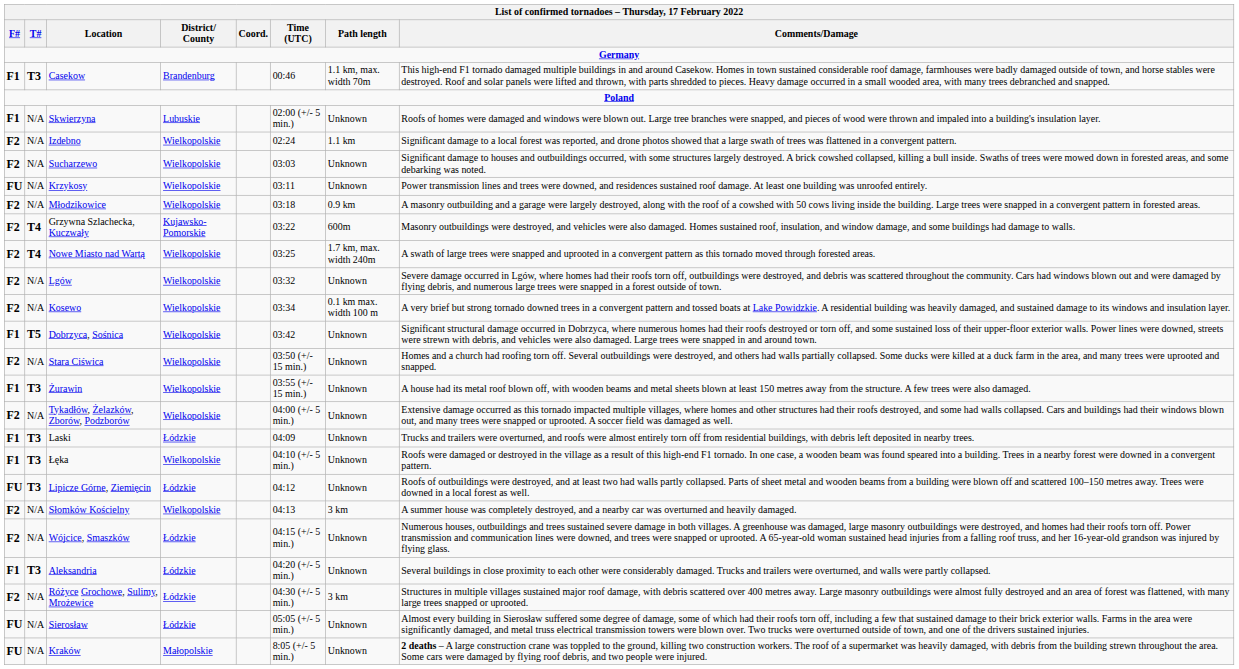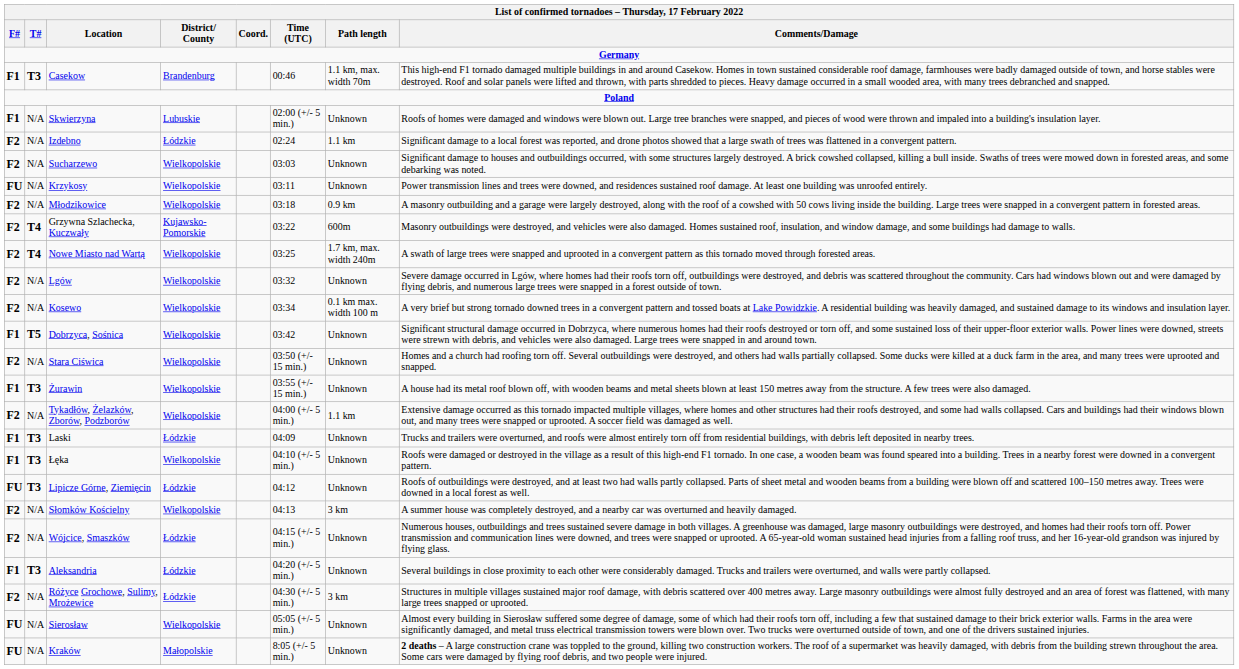 <table class="wikitable collapsible" width="100%">
 <tr>
 <th colspan="8">List of confirmed tornadoes – Thursday, 17 February 2022</th>
 </tr>
 <tr>
 <th><a href='#'>F#</a></th>
 <th><a href='#'>T#</a></th>
 <th>Location</th>
 <th>District/<br>County</th>
 <th>Coord.</th>
 <th>Time (UTC)</th>
 <th>Path length</th>
 <th>Comments/Damage</th>
 </tr>
 <tr>
 <td colspan="8" align=center><strong><a href='#'>Germany</a></strong></td>
 </tr>
 <tr>
 <td><big><strong>F1</strong></big></td>
 <td><big><strong>T3</strong></big></td>
 <td><a href='#'>Casekow</a></td>
 <td><a href='#'>Brandenburg</a></td>
 <td></td>
 <td>00:46</td>
 <td>1.1 km, max. width 70m</td>
 <td>This high-end F1 tornado damaged multiple buildings in and around Casekow. Homes in town sustained considerable roof damage, farmhouses were badly damaged outside of town, and horse stables were destroyed. Roof and solar panels were lifted and thrown, with parts shredded to pieces. Heavy damage occurred in a small wooded area, with many trees debranched and snapped.</td>
 </tr>
 <tr>
 <td colspan="8" align=center><strong><a href='#'>Poland</a></strong></td>
 </tr>
 <tr>
 <td><big><strong>F1</strong></big></td>
 <td>N/A</td>
 <td><a href='#'>Skwierzyna</a></td>
 <td><a href='#'>Lubuskie</a></td>
 <td></td>
 <td>02:00 (+/- 5 min.)</td>
 <td>Unknown</td>
 <td>Roofs of homes were damaged and windows were blown out. Large tree branches were snapped, and pieces of wood were thrown and impaled into a building's insulation layer.</td>
 </tr>
 <tr>
 <td><big><strong>F2</strong></big></td>
 <td>N/A</td>
 <td><a href='#'>Izdebno</a></td>
-<td><a href='#'>Wielkopolskie</a></td>
+<td><a href='#'>Łódzkie</a></td>
 <td></td>
 <td>02:24</td>
 <td>1.1 km</td>
 <td>Significant damage to a local forest was reported, and drone photos showed that a large swath of trees was flattened in a convergent pattern.</td>
 </tr>
 <tr>
 <td><big><strong>F2</strong></big></td>
 <td>N/A</td>
 <td><a href='#'>Sucharzewo</a></td>
 <td><a href='#'>Wielkopolskie</a></td>
 <td></td>
 <td>03:03</td>
 <td>Unknown</td>
 <td>Significant damage to houses and outbuildings occurred, with some structures largely destroyed. A brick cowshed collapsed, killing a bull inside. Swaths of trees were mowed down in forested areas, and some debarking was noted.</td>
 </tr>
 <tr>
 <td><big><strong>FU</strong></big></td>
 <td>N/A</td>
 <td><a href='#'>Krzykosy</a></td>
 <td><a href='#'>Wielkopolskie</a></td>
 <td></td>
 <td>03:11</td>
 <td>Unknown</td>
 <td>Power transmission lines and trees were downed, and residences sustained roof damage. At least one building was unroofed entirely.</td>
 </tr>
 <tr>
 <td><big><strong>F2</strong></big></td>
 <td>N/A</td>
 <td><a href='#'>Młodzikowice</a></td>
 <td><a href='#'>Wielkopolskie</a></td>
 <td></td>
 <td>03:18</td>
 <td>0.9 km</td>
 <td>A masonry outbuilding and a garage were largely destroyed, along with the roof of a cowshed with 50 cows living inside the building. Large trees were snapped in a convergent pattern in forested areas.</td>
 </tr>
 <tr>
 <td><big><strong>F2</strong></big></td>
 <td><big><strong>T4</strong></big></td>
 <td>Grzywna Szlachecka, <a href='#'>Kuczwały</a></td>
 <td><a href='#'>Kujawsko-Pomorskie</a></td>
 <td></td>
 <td>03:22</td>
 <td>600m</td>
 <td>Masonry outbuildings were destroyed, and vehicles were also damaged. Homes sustained roof, insulation, and window damage, and some buildings had damage to walls.</td>
 </tr>
 <tr>
 <td><big><strong>F2</strong></big></td>
 <td><big><strong>T4</strong></big></td>
 <td><a href='#'>Nowe Miasto nad Wartą</a></td>
 <td><a href='#'>Wielkopolskie</a></td>
 <td></td>
 <td>03:25</td>
 <td>1.7 km, max. width 240m</td>
 <td>A swath of large trees were snapped and uprooted in a convergent pattern as this tornado moved through forested areas.</td>
 </tr>
 <tr>
 <td><big><strong>F2</strong></big></td>
 <td>N/A</td>
 <td><a href='#'>Lgów</a></td>
 <td><a href='#'>Wielkopolskie</a></td>
 <td></td>
 <td>03:32</td>
 <td>Unknown</td>
 <td>Severe damage occurred in Lgów, where homes had their roofs torn off, outbuildings were destroyed, and debris was scattered throughout the community. Cars had windows blown out and were damaged by flying debris, and numerous large trees were snapped in a forest outside of town.</td>
 </tr>
 <tr>
 <td><big><strong>F2</strong></big></td>
 <td>N/A</td>
 <td><a href='#'>Kosewo</a></td>
 <td><a href='#'>Wielkopolskie</a></td>
 <td></td>
 <td>03:34</td>
 <td>0.1 km max. width 100 m</td>
 <td>A very brief but strong tornado downed trees in a convergent pattern and tossed boats at <a href='#'>Lake Powidzkie</a>. A residential building was heavily damaged, and sustained damage to its windows and insulation layer.</td>
 </tr>
 <tr>
 <td><big><strong>F1</strong></big></td>
 <td><big><strong>T5</strong></big></td>
 <td><a href='#'>Dobrzyca</a>, <a href='#'>Sośnica</a></td>
 <td><a href='#'>Wielkopolskie</a></td>
 <td></td>
 <td>03:42</td>
 <td>Unknown</td>
 <td>Significant structural damage occurred in Dobrzyca, where numerous homes had their roofs destroyed or torn off, and some sustained loss of their upper-floor exterior walls. Power lines were downed, streets were strewn with debris, and vehicles were also damaged. Large trees were snapped in and around town.</td>
 </tr>
 <tr>
 <td><big><strong>F2</strong></big></td>
 <td>N/A</td>
 <td><a href='#'>Stara Ciświca</a></td>
 <td><a href='#'>Wielkopolskie</a></td>
 <td></td>
 <td>03:50 (+/- 15 min.)</td>
 <td>Unknown</td>
 <td>Homes and a church had roofing torn off. Several outbuildings were destroyed, and others had walls partially collapsed. Some ducks were killed at a duck farm in the area, and many trees were uprooted and snapped.</td>
 </tr>
 <tr>
 <td><big><strong>F1</strong></big></td>
 <td><big><strong>T3</strong></big></td>
 <td><a href='#'>Żurawin</a></td>
 <td><a href='#'>Wielkopolskie</a></td>
 <td></td>
 <td>03:55 (+/- 15 min.)</td>
 <td>Unknown</td>
 <td>A house had its metal roof blown off, with wooden beams and metal sheets blown at least 150 metres away from the structure. A few trees were also damaged.</td>
 </tr>
 <tr>
 <td><big><strong>F2</strong></big></td>
 <td>N/A</td>
 <td><a href='#'>Tykadłów</a>, <a href='#'>Żelazków</a>, <a href='#'>Zborów</a>, <a href='#'>Podzborów</a></td>
 <td><a href='#'>Wielkopolskie</a></td>
 <td></td>
 <td>04:00 (+/- 5 min.)</td>
-<td>Unknown</td>
+<td>1.1 km</td>
 <td>Extensive damage occurred as this tornado impacted multiple villages, where homes and other structures had their roofs destroyed, and some had walls collapsed. Cars and buildings had their windows blown out, and many trees were snapped or uprooted. A soccer field was damaged as well.</td>
 </tr>
 <tr>
 <td><big><strong>F1</strong></big></td>
 <td><big><strong>T3</strong></big></td>
 <td>Laski</td>
 <td><a href='#'>Łódzkie</a></td>
 <td></td>
 <td>04:09</td>
 <td>Unknown</td>
 <td>Trucks and trailers were overturned, and roofs were almost entirely torn off from residential buildings, with debris left deposited in nearby trees.</td>
 </tr>
 <tr>
 <td><big><strong>F1</strong></big></td>
 <td><big><strong>T3</strong></big></td>
 <td>Łęka</td>
 <td><a href='#'>Wielkopolskie</a></td>
 <td></td>
 <td>04:10 (+/- 5 min.)</td>
 <td>Unknown</td>
 <td>Roofs were damaged or destroyed in the village as a result of this high-end F1 tornado. In one case, a wooden beam was found speared into a building. Trees in a nearby forest were downed in a convergent pattern.</td>
 </tr>
 <tr>
 <td><big><strong>FU</strong></big></td>
 <td><big><strong>T3</strong></big></td>
 <td><a href='#'>Lipicze Górne</a>, <a href='#'>Ziemięcin</a></td>
 <td><a href='#'>Łódzkie</a></td>
 <td></td>
 <td>04:12</td>
 <td>Unknown</td>
 <td>Roofs of outbuildings were destroyed, and at least two had walls partly collapsed. Parts of sheet metal and wooden beams from a building were blown off and scattered 100–150 metres away. Trees were downed in a local forest as well.</td>
 </tr>
 <tr>
 <td><big><strong>F2</strong></big></td>
 <td>N/A</td>
 <td><a href='#'>Słomków Kościelny</a></td>
 <td><a href='#'>Wielkopolskie</a></td>
 <td></td>
 <td>04:13</td>
 <td>3 km</td>
 <td>A summer house was completely destroyed, and a nearby car was overturned and heavily damaged.</td>
 </tr>
 <tr>
 <td><big><strong>F2</strong></big></td>
 <td>N/A</td>
 <td><a href='#'>Wójcice</a>, <a href='#'>Smaszków</a></td>
 <td><a href='#'>Łódzkie</a></td>
 <td></td>
 <td>04:15  (+/- 5 min.)</td>
 <td>Unknown</td>
 <td>Numerous houses, outbuildings and trees sustained severe damage in both villages. A greenhouse was damaged, large masonry outbuildings were destroyed, and homes had their roofs torn off. Power transmission and communication lines were downed, and trees were snapped or uprooted. A 65-year-old woman sustained head injuries from a falling roof truss, and her 16-year-old grandson was injured by flying glass.</td>
 </tr>
 <tr>
 <td><big><strong>F1</strong></big></td>
 <td><big><strong>T3</strong></big></td>
 <td><a href='#'>Aleksandria</a></td>
 <td><a href='#'>Łódzkie</a></td>
 <td></td>
 <td>04:20 (+/- 5 min.)</td>
 <td>Unknown</td>
 <td>Several buildings in close proximity to each other were considerably damaged. Trucks and trailers were overturned, and walls were partly collapsed.</td>
 </tr>
 <tr>
 <td><big><strong>F2</strong></big></td>
 <td>N/A</td>
 <td><a href='#'>Różyce</a> <a href='#'>Grochowe</a>, <a href='#'>Sulimy</a>, <a href='#'>Mrożewice</a></td>
 <td><a href='#'>Łódzkie</a></td>
 <td></td>
 <td>04:30 (+/- 5 min.)</td>
 <td>3 km</td>
 <td>Structures in multiple villages sustained major roof damage, with debris scattered over 400 metres away. Large masonry outbuildings were almost fully destroyed and an area of forest was flattened, with many large trees snapped or uprooted.</td>
 </tr>
 <tr>
 <td><big><strong>FU</strong></big></td>
 <td>N/A</td>
 <td><a href='#'>Sierosław</a></td>
-<td><a href='#'>Łódzkie</a></td>
+<td><a href='#'>Wielkopolskie</a></td>
 <td></td>
 <td>05:05 (+/- 5 min.)</td>
 <td>Unknown</td>
 <td>Almost every building in Sierosław suffered some degree of damage, some of which had their roofs torn off, including a few that sustained damage to their brick exterior walls. Farms in the area were significantly damaged, and metal truss electrical transmission towers were blown over. Two trucks were overturned outside of town, and one of the drivers sustained injuries.</td>
 </tr>
 <tr>
 <td><big><strong>FU</strong></big></td>
 <td>N/A</td>
 <td><a href='#'>Kraków</a></td>
 <td><a href='#'>Małopolskie</a></td>
 <td></td>
 <td>8:05 (+/- 5 min.)</td>
 <td>Unknown</td>
 <td><strong>2 deaths</strong> – A large construction crane was toppled to the ground, killing two construction workers. The roof of a supermarket was heavily damaged, with debris from the building strewn throughout the area. Some cars were damaged by flying roof debris, and two people were injured.</td>
 </tr>
 </table>
